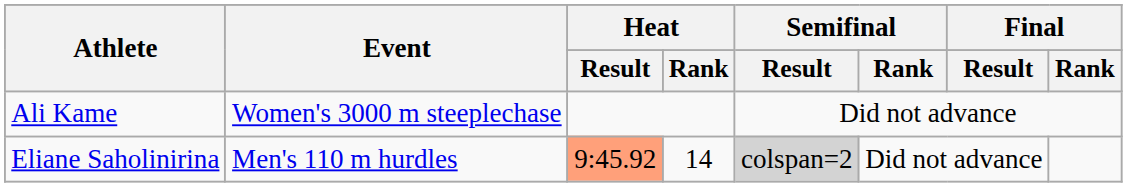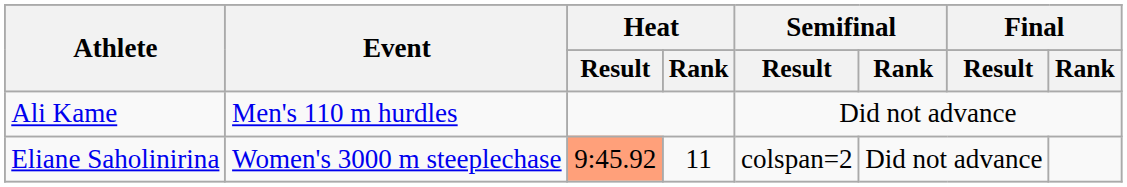 <table class="wikitable" style="font-size:90%">
 <tr>
 <th rowspan="2">Athlete</th>
 <th rowspan="2">Event</th>
 <th colspan="2">Heat</th>
 <th colspan="2">Semifinal</th>
 <th colspan="2">Final</th>
 </tr>
 <tr style="font-size:95%">
 <th>Result</th>
 <th>Rank</th>
 <th>Result</th>
 <th>Rank</th>
 <th>Result</th>
 <th>Rank</th>
 </tr>
 <tr align=center>
 <td align=left><a href='#'>Ali Kame</a></td>
-<td align=left><a href='#'>Women's 3000 m steeplechase</a></td>
+<td align=left><a href='#'>Men's 110 m hurdles</a></td>
 <td colspan=2></td>
 <td colspan=4>Did not advance</td>
 </tr>
 <tr align=center>
 <td align=left><a href='#'>Eliane Saholinirina</a></td>
-<td align=left><a href='#'>Men's 110 m hurdles</a></td>
+<td align=left><a href='#'>Women's 3000 m steeplechase</a></td>
 <td style="background: lightsalmon;">9:45.92</td>
-<td>14</td>
-<td style="background: lightgrey;">colspan=2 </td>
+<td>11</td>
+<td>colspan=2 </td>
 <td colspan="2">Did not advance</td>
 </tr>
 </table>
